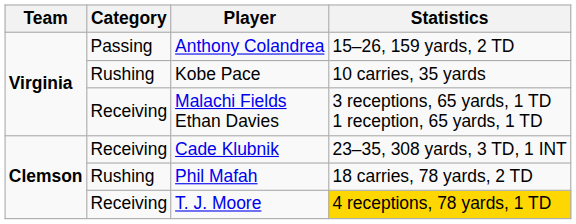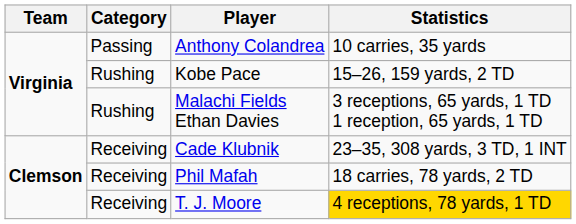 <table class="wikitable" style="float: right;">
 <tr>
 <th>Team</th>
 <th>Category</th>
 <th>Player</th>
 <th>Statistics</th>
 </tr>
 <tr>
 <td rowspan=3><strong>Virginia</strong></td>
 <td>Passing</td>
 <td><a href='#'>Anthony Colandrea</a></td>
+<td>10 carries, 35 yards</td>
+</tr>
+<tr>
+<td>Rushing</td>
+<td>Kobe Pace</td>
 <td>15–26, 159 yards, 2 TD</td>
 </tr>
 <tr>
 <td>Rushing</td>
-<td>Kobe Pace</td>
-<td>10 carries, 35 yards</td>
-</tr>
-<tr>
-<td>Receiving</td>
 <td><a href='#'>Malachi Fields</a><br>Ethan Davies</td>
 <td>3 receptions, 65 yards, 1 TD<br>1 reception, 65 yards, 1 TD</td>
 </tr>
 <tr>
 <td rowspan=3><strong>Clemson</strong></td>
 <td>Receiving</td>
 <td><a href='#'>Cade Klubnik</a></td>
 <td>23–35, 308 yards, 3 TD, 1 INT</td>
 </tr>
 <tr>
-<td>Rushing</td>
+<td>Receiving</td>
 <td><a href='#'>Phil Mafah</a></td>
 <td>18 carries, 78 yards, 2 TD</td>
 </tr>
 <tr>
 <td>Receiving</td>
 <td><a href='#'>T. J. Moore</a></td>
 <td style="background: gold;">4 receptions, 78 yards, 1 TD</td>
 </tr>
 </table>
